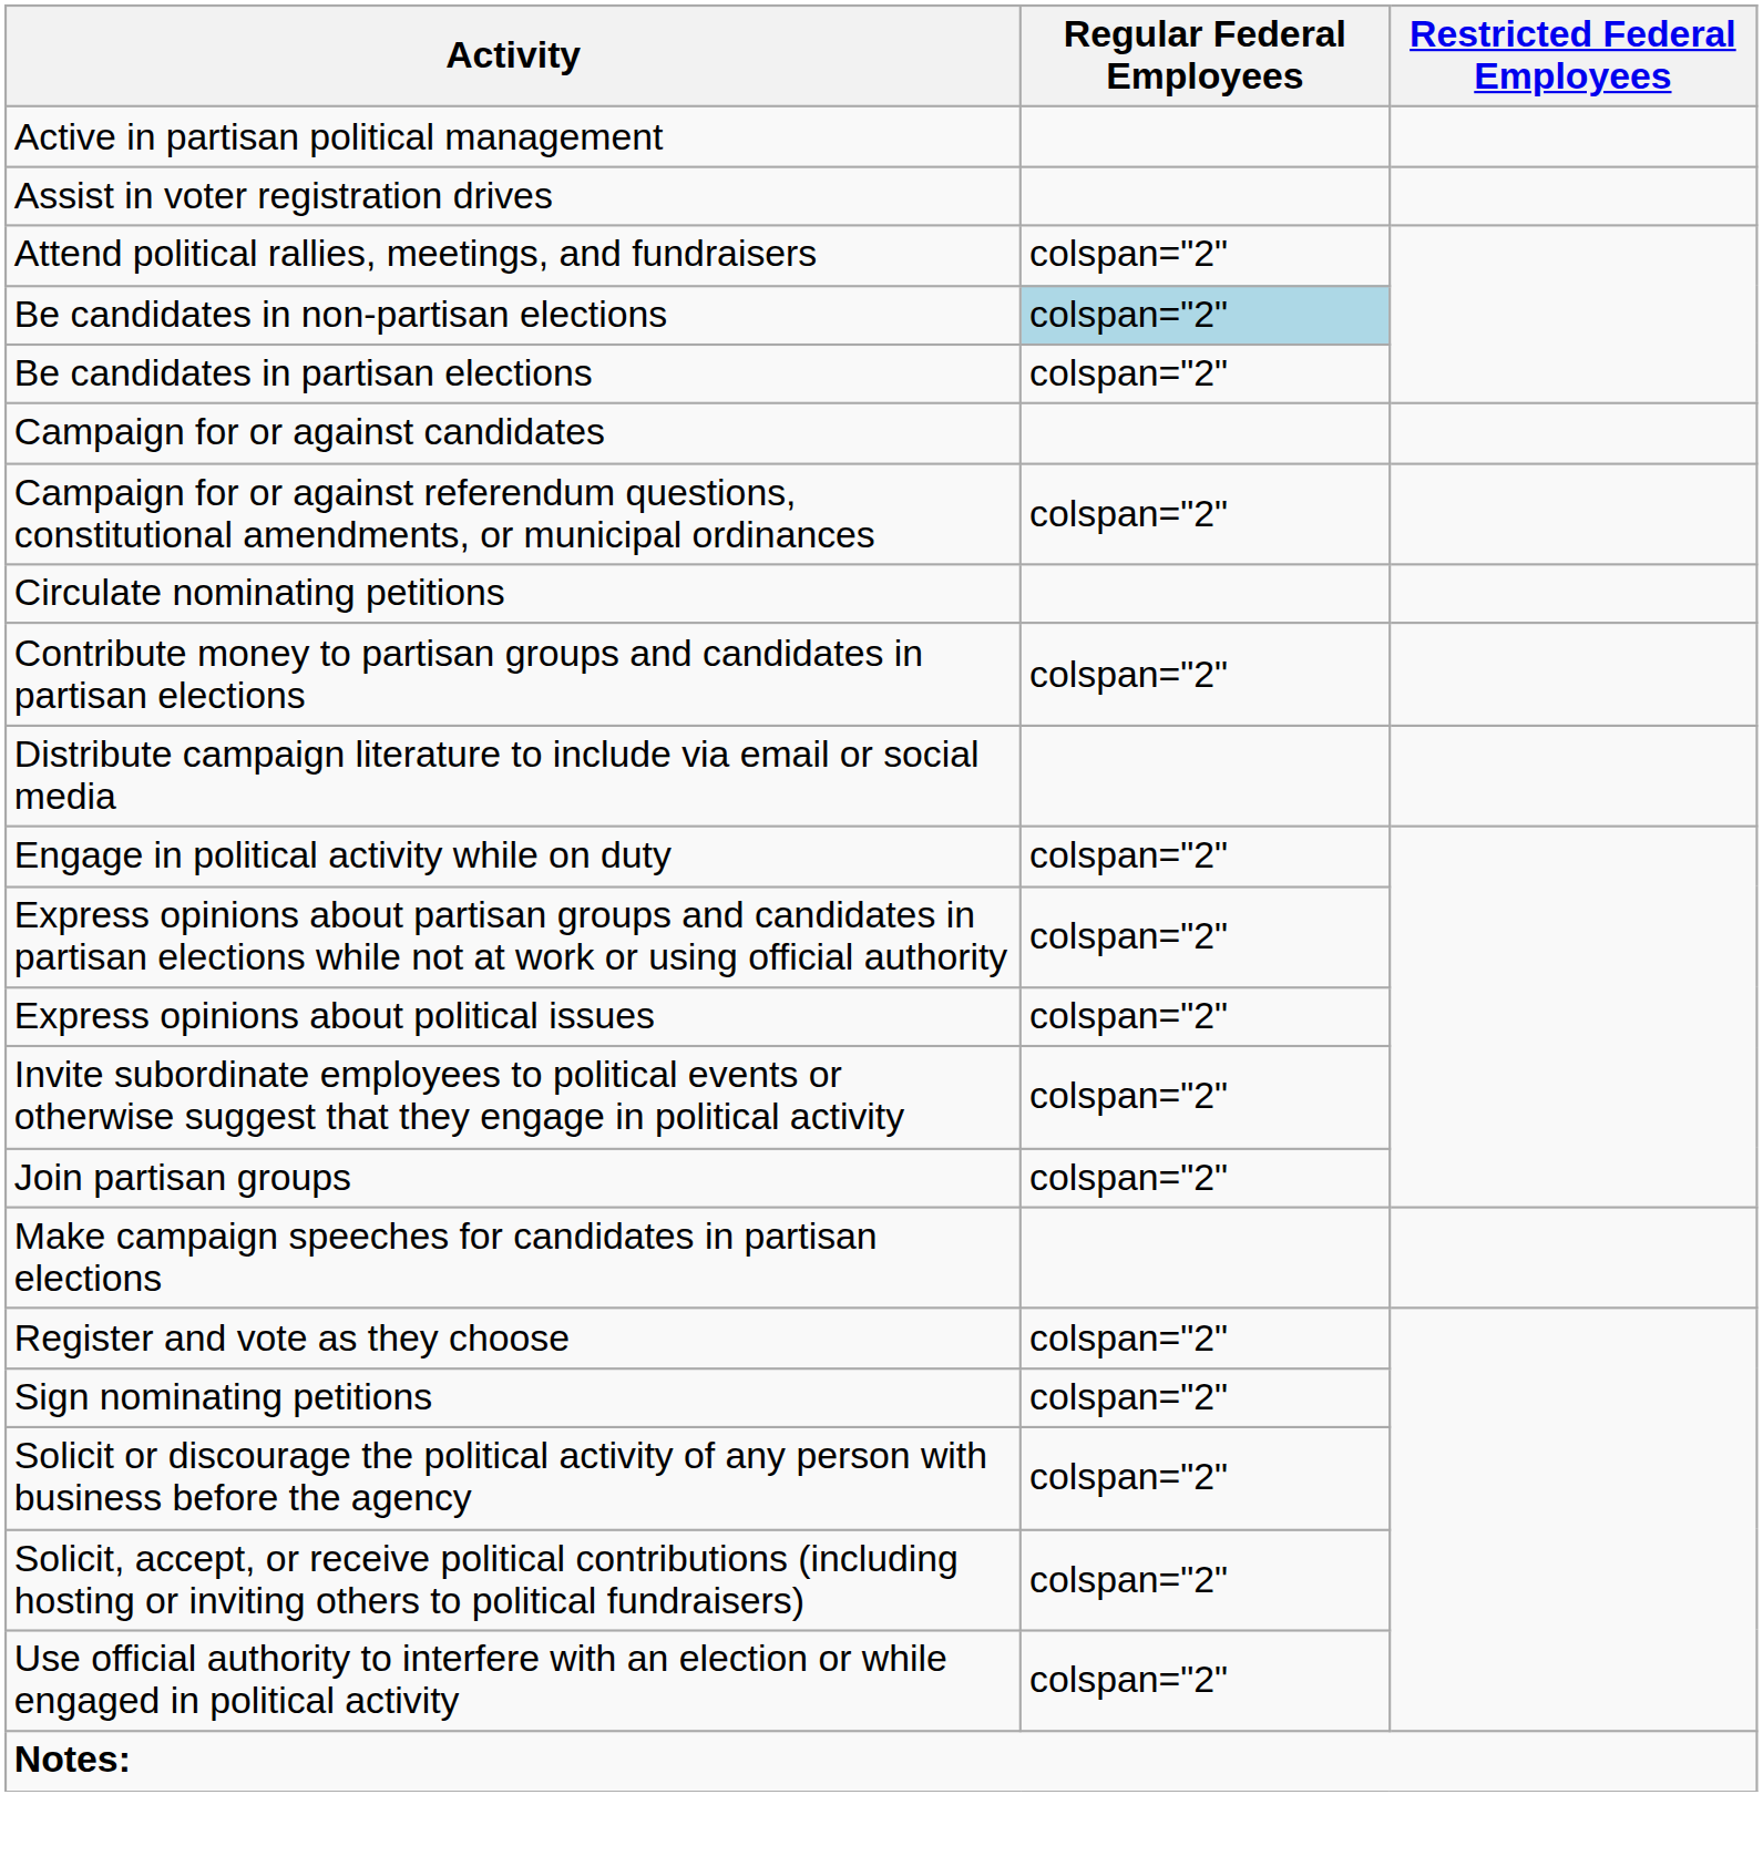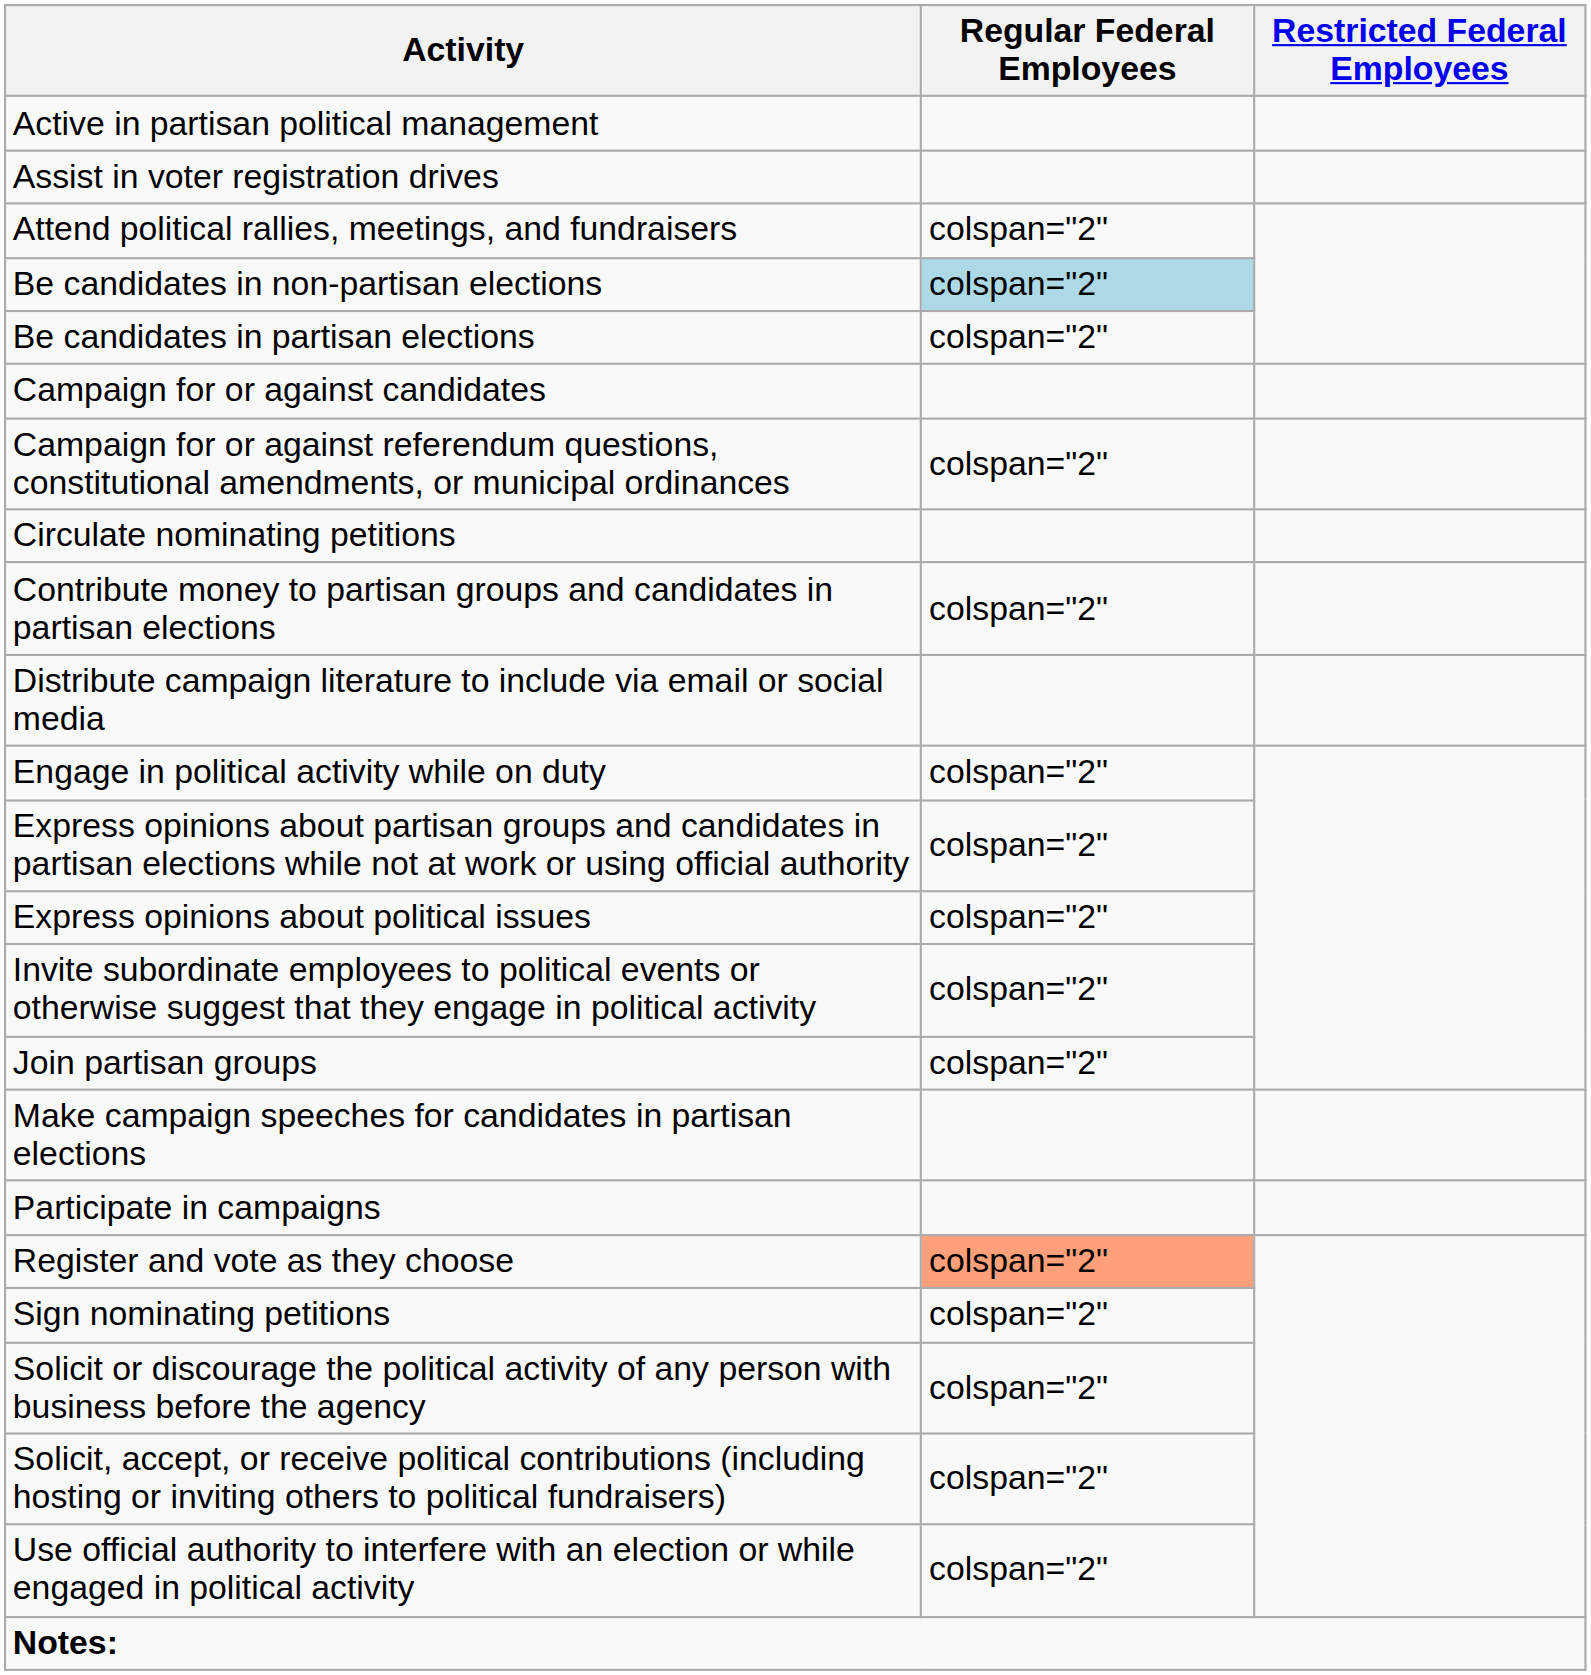 <table class="wikitable" style="text-align:left; width: 750px;">
 <tr>
 <th>Activity</th>
 <th style="width: 150px;">Regular Federal Employees</th>
 <th style="width: 150px;"><a href='#'>Restricted Federal Employees</a></th>
 </tr>
 <tr>
 <td>Active in partisan political management</td>
 <td></td>
 <td></td>
 </tr>
 <tr>
 <td>Assist in voter registration drives</td>
 <td></td>
 <td></td>
 </tr>
 <tr>
 <td>Attend political rallies, meetings, and fundraisers</td>
 <td>colspan="2" </td>
 </tr>
 <tr>
 <td>Be candidates in non-partisan elections</td>
 <td style="background: lightblue;">colspan="2" </td>
 </tr>
 <tr>
 <td>Be candidates in partisan elections</td>
 <td>colspan="2" </td>
 </tr>
 <tr>
 <td>Campaign for or against candidates</td>
 <td></td>
 <td></td>
 </tr>
 <tr>
 <td>Campaign for or against referendum questions, constitutional amendments, or municipal ordinances</td>
 <td>colspan="2" </td>
 </tr>
 <tr>
 <td>Circulate nominating petitions</td>
 <td></td>
 <td></td>
 </tr>
 <tr>
 <td>Contribute money to partisan groups and candidates in partisan elections</td>
 <td>colspan="2" </td>
 </tr>
 <tr>
 <td>Distribute campaign literature to include via email or social media</td>
 <td></td>
 <td></td>
 </tr>
 <tr>
 <td>Engage in political activity while on duty</td>
 <td>colspan="2" </td>
 </tr>
 <tr>
 <td>Express opinions about partisan groups and candidates in partisan elections while not at work or using official authority</td>
 <td>colspan="2" </td>
 </tr>
 <tr>
 <td>Express opinions about political issues</td>
 <td>colspan="2" </td>
 </tr>
 <tr>
 <td>Invite subordinate employees to political events or otherwise suggest that they engage in political activity</td>
 <td>colspan="2" </td>
 </tr>
 <tr>
 <td>Join partisan groups</td>
 <td>colspan="2" </td>
 </tr>
 <tr>
 <td>Make campaign speeches for candidates in partisan elections</td>
 <td></td>
 <td></td>
 </tr>
 <tr>
+<td>Participate in campaigns</td>
+<td></td>
+<td></td>
+</tr>
+<tr>
 <td>Register and vote as they choose</td>
-<td>colspan="2" </td>
+<td style="background: lightsalmon;">colspan="2" </td>
 </tr>
 <tr>
 <td>Sign nominating petitions</td>
 <td>colspan="2" </td>
 </tr>
 <tr>
 <td>Solicit or discourage the political activity of any person with business before the agency</td>
 <td>colspan="2" </td>
 </tr>
 <tr>
 <td>Solicit, accept, or receive political contributions (including hosting or inviting others to political fundraisers)</td>
 <td>colspan="2" </td>
 </tr>
 <tr>
 <td>Use official authority to interfere with an election or while engaged in political activity</td>
 <td>colspan="2" </td>
 </tr>
 <tr>
 <td style="text-align:left;" colspan="3"><strong>Notes:</strong></td>
 </tr>
 </table>
